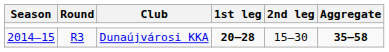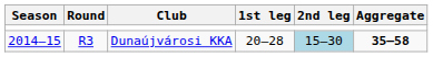 <table class="wikitable" style="text-align: left">
 <tr>
 <th>Season</th>
 <th>Round</th>
 <th>Club</th>
 <th>1st leg</th>
 <th>2nd leg</th>
 <th>Aggregate</th>
 </tr>
 <tr>
 <td colspan="6" bgcolor=white></td>
 </tr>
 <tr>
 <td><a href='#'>2014–15</a></td>
 <td align=center><a href='#'>R3</a></td>
 <td> <a href='#'>Dunaújvárosi KKA</a></td>
-<td align=center><strong>20–28</strong></td>
-<td align=center>15–30</td>
+<td align=center>20–28</td>
+<td align=center style="background: lightblue;">15–30</td>
 <td align=center><strong>35–58</strong></td>
 </tr>
 </table>
